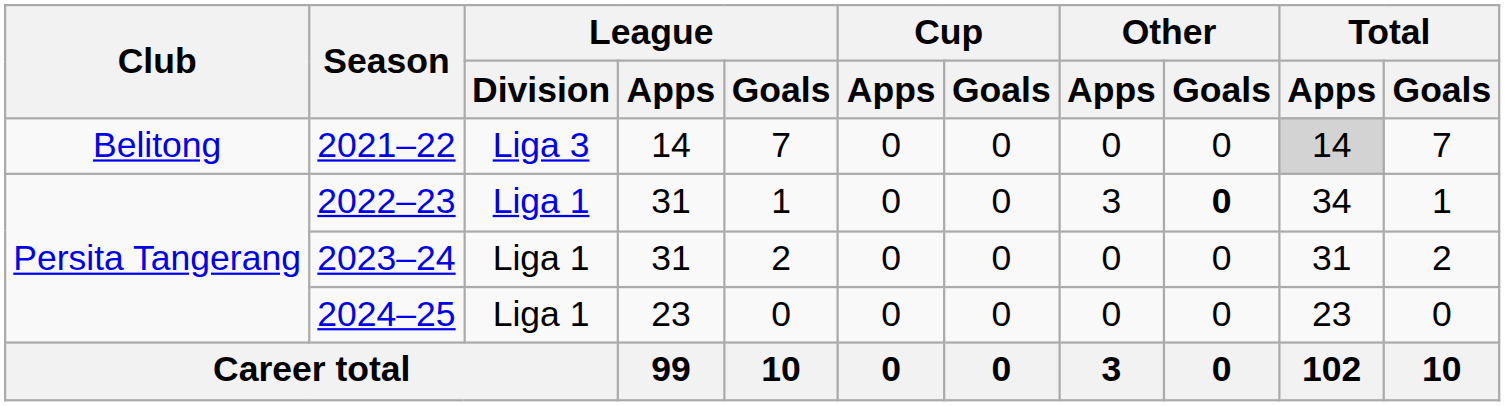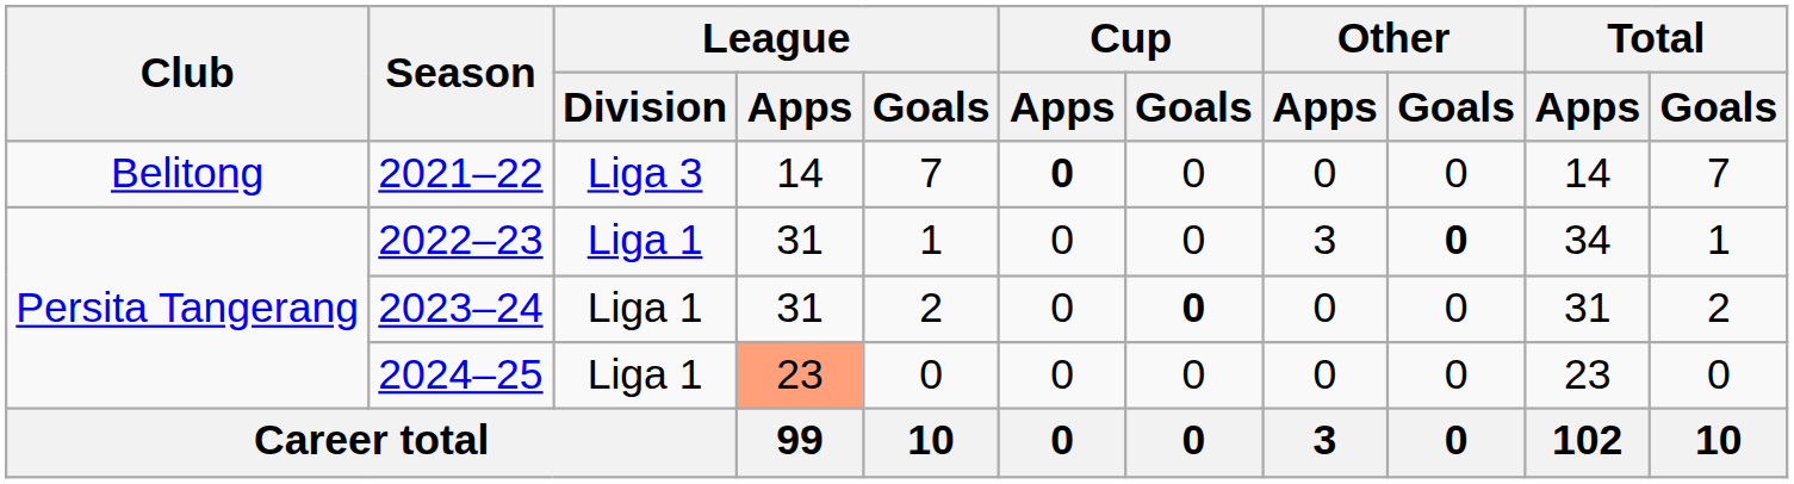 <table class="wikitable" style="text-align: center">
 <tr>
 <th rowspan="2">Club</th>
 <th rowspan="2">Season</th>
 <th colspan="3">League</th>
 <th colspan="2">Cup</th>
 <th colspan="2">Other</th>
 <th colspan="2">Total</th>
 </tr>
 <tr>
 <th>Division</th>
 <th>Apps</th>
 <th>Goals</th>
 <th>Apps</th>
 <th>Goals</th>
 <th>Apps</th>
 <th>Goals</th>
 <th>Apps</th>
 <th>Goals</th>
 </tr>
 <tr>
 <td rowspan="1"><a href='#'>Belitong</a></td>
 <td><a href='#'>2021–22</a></td>
 <td rowspan="1" valign="center"><a href='#'>Liga 3</a></td>
 <td>14</td>
 <td>7</td>
+<td><strong>0</strong></td>
 <td>0</td>
 <td>0</td>
 <td>0</td>
-<td>0</td>
-<td style="background: lightgrey;">14</td>
+<td>14</td>
 <td>7</td>
 </tr>
 <tr>
 <td rowspan="3"><a href='#'>Persita Tangerang</a></td>
 <td><a href='#'>2022–23</a></td>
 <td rowspan="1" valign="center"><a href='#'>Liga 1</a></td>
 <td>31</td>
 <td>1</td>
 <td>0</td>
 <td>0</td>
 <td>3</td>
 <td><strong>0</strong></td>
 <td>34</td>
 <td>1</td>
 </tr>
 <tr>
 <td><a href='#'>2023–24</a></td>
 <td>Liga 1</td>
 <td>31</td>
 <td>2</td>
 <td>0</td>
-<td>0</td>
+<td><strong>0</strong></td>
 <td>0</td>
 <td>0</td>
 <td>31</td>
 <td>2</td>
 </tr>
 <tr>
 <td><a href='#'>2024–25</a></td>
 <td>Liga 1</td>
-<td>23</td>
+<td style="background: lightsalmon;">23</td>
 <td>0</td>
 <td>0</td>
 <td>0</td>
 <td>0</td>
 <td>0</td>
 <td>23</td>
 <td>0</td>
 </tr>
 <tr>
 <th colspan=3>Career total</th>
 <th>99</th>
 <th>10</th>
 <th>0</th>
 <th>0</th>
 <th>3</th>
 <th>0</th>
 <th>102</th>
 <th>10</th>
 </tr>
 </table>
